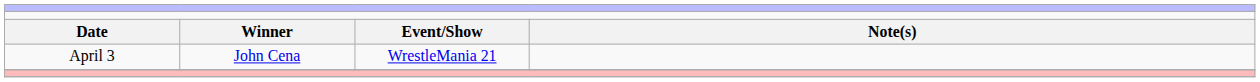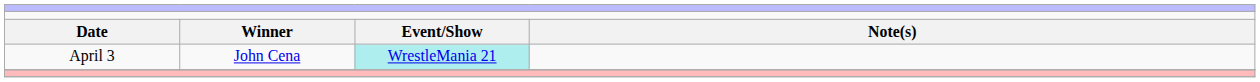 <table class="wikitable" style="text-align:center; width:100%;">
 <tr style="background:#BBF;">
 <td colspan="5"></td>
 </tr>
 <tr>
 <td colspan="5"><strong></strong></td>
 </tr>
 <tr>
 <th width=14%>Date</th>
 <th width=14%>Winner</th>
 <th width=14%>Event/Show</th>
 <th width=58%>Note(s)</th>
 </tr>
 <tr>
 <td>April 3</td>
 <td><a href='#'>John Cena</a></td>
-<td><a href='#'>WrestleMania 21</a></td>
+<td style="background: paleturquoise;"><a href='#'>WrestleMania 21</a></td>
 <td align=left></td>
 </tr>
 <tr>
 </tr>
 <tr style="background:#FBB;">
 <td colspan="5"></td>
 </tr>
 <tr>
 </tr>
 </table>
